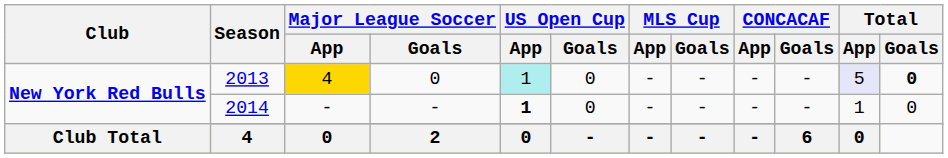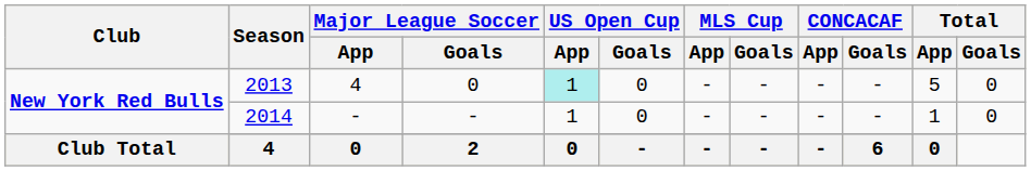 <table class="wikitable">
 <tr style="background:beige">
 <th rowspan="2">Club</th>
 <th rowspan="2">Season</th>
 <th colspan="2"><a href='#'>Major League Soccer</a></th>
 <th colspan="2"><a href='#'>US Open Cup</a></th>
 <th colspan="2"><a href='#'>MLS Cup</a></th>
 <th colspan="2"><a href='#'>CONCACAF</a></th>
 <th colspan="2">Total</th>
 </tr>
 <tr style="background:beige">
 <th>App</th>
 <th>Goals</th>
 <th>App</th>
 <th>Goals</th>
 <th>App</th>
 <th>Goals</th>
 <th>App</th>
 <th>Goals</th>
 <th>App</th>
 <th>Goals</th>
 </tr>
 <tr>
 <td rowspan="3" align=center valign=center><strong><a href='#'>New York Red Bulls</a></strong><br></td>
 <td align="center"><a href='#'>2013</a></td>
-<td align="center" style="background: gold;">4</td>
+<td align="center">4</td>
 <td align="center">0</td>
 <td align="center" style="background: paleturquoise;">1</td>
 <td align="center">0</td>
 <td align="center">-</td>
 <td align="center">-</td>
 <td align="center">-</td>
 <td align="center">-</td>
-<td align="center" style="background: lavender;">5</td>
-<td align="center"><strong>0</strong></td>
+<td align="center">5</td>
+<td align="center">0</td>
 </tr>
 <tr>
 <td align="center"><a href='#'>2014</a></td>
 <td align="center">-</td>
 <td align="center">-</td>
-<td align="center"><strong>1</strong></td>
+<td align="center">1</td>
 <td align="center">0</td>
 <td align="center">-</td>
 <td align="center">-</td>
 <td align="center">-</td>
 <td align="center">-</td>
 <td align="center">1</td>
 <td align="center">0</td>
 </tr>
 <tr>
 </tr>
 <tr style="background:lemonchiffon">
 <th colspan="1" align="left">Club Total</th>
 <th>4</th>
 <th>0</th>
 <th>2</th>
 <th>0</th>
 <th>-</th>
 <th>-</th>
 <th>-</th>
 <th>-</th>
 <th>6</th>
 <th>0</th>
 </tr>
 </table>
